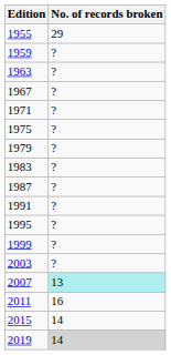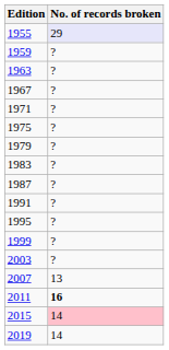 <table class="wikitable sortable">
 <tr>
 <th align="left">Edition</th>
 <th align="center">No. of records broken</th>
 </tr>
 <tr>
 <td><a href='#'>1955</a></td>
-<td>29</td>
+<td style="background: lavender;">29</td>
 </tr>
 <tr>
 <td><a href='#'>1959</a></td>
 <td>?</td>
 </tr>
 <tr>
 <td><a href='#'>1963</a></td>
 <td>?</td>
 </tr>
 <tr>
 <td>1967</td>
 <td>?</td>
 </tr>
 <tr>
 <td>1971</td>
 <td>?</td>
 </tr>
 <tr>
 <td>1975</td>
 <td>?</td>
 </tr>
 <tr>
 <td>1979</td>
 <td>?</td>
 </tr>
 <tr>
 <td>1983</td>
 <td>?</td>
 </tr>
 <tr>
 <td>1987</td>
 <td>?</td>
 </tr>
 <tr>
 <td>1991</td>
 <td>?</td>
 </tr>
 <tr>
 <td>1995</td>
 <td>?</td>
 </tr>
 <tr>
 <td><a href='#'>1999</a></td>
 <td>?</td>
 </tr>
 <tr>
 <td><a href='#'>2003</a></td>
 <td>?</td>
 </tr>
 <tr>
 <td><a href='#'>2007</a></td>
-<td style="background: paleturquoise;">13</td>
+<td>13</td>
 </tr>
 <tr>
 <td><a href='#'>2011</a></td>
-<td>16</td>
+<td><strong>16</strong></td>
 </tr>
 <tr>
 <td><a href='#'>2015</a></td>
-<td>14</td>
+<td style="background: pink;">14</td>
 </tr>
 <tr>
 <td><a href='#'>2019</a></td>
-<td style="background: lightgrey;">14</td>
+<td>14</td>
 </tr>
 </table>
